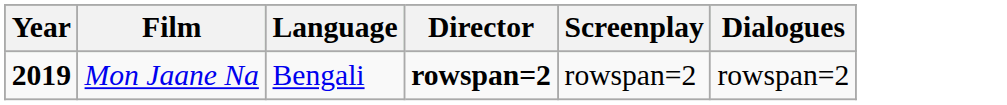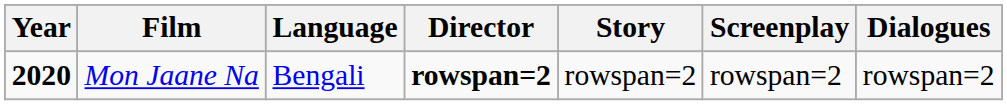 <table class="wikitable sortable">
 <tr style="background:#cfc; text-align:center;">
 <th><strong>Year</strong></th>
 <th><strong>Film</strong></th>
 <th><strong>Language</strong></th>
 <th><strong>Director</strong></th>
+<th><strong>Story</strong></th>
 <th><strong>Screenplay</strong></th>
 <th><strong>Dialogues</strong></th>
 </tr>
 <tr>
-<td><strong>2019</strong></td>
+<td><strong>2020</strong></td>
 <td><em><a href='#'>Mon Jaane Na</a></em></td>
 <td><a href='#'>Bengali</a></td>
 <td><strong>rowspan=2 </strong></td>
 <td>rowspan=2 </td>
 <td>rowspan=2 </td>
+<td>rowspan=2 </td>
 </tr>
 </table>
